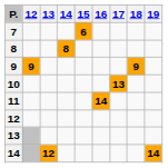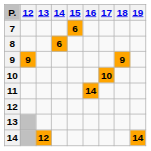 <table class="wikitable" style="text-align: center; font-size:90%">
 <tr>
 <th style="background:#c0c0c0">P.</th>
 <th><a href='#'>12</a></th>
 <th><a href='#'>13</a></th>
 <th><a href='#'>14</a></th>
 <th><a href='#'>15</a></th>
 <th><a href='#'>16</a></th>
 <th><a href='#'>17</a></th>
 <th><a href='#'>18</a></th>
 <th><a href='#'>19</a></th>
 </tr>
 <tr>
 <th>7</th>
 <td></td>
 <td></td>
 <td></td>
 <td style="background-color:orange"><span><strong>6</strong></span></td>
 <td></td>
 <td></td>
 <td></td>
 <td></td>
 </tr>
 <tr>
 <th>8</th>
 <td></td>
 <td></td>
-<td style="background-color:orange"><span><strong>8</strong></span></td>
+<td style="background-color:orange"><span><strong>6</strong></span></td>
 <td></td>
 <td></td>
 <td></td>
 <td></td>
 <td></td>
 </tr>
 <tr>
 <th>9</th>
 <td style="background-color:orange"><span><strong>9</strong></span></td>
 <td></td>
 <td></td>
 <td></td>
 <td></td>
 <td></td>
 <td style="background-color:orange"><span><strong>9</strong></span></td>
 <td></td>
 </tr>
 <tr>
 <th>10</th>
 <td></td>
 <td></td>
 <td></td>
 <td></td>
 <td></td>
-<td style="background-color:orange"><span><strong>13</strong></span></td>
+<td style="background-color:orange"><span><strong>10</strong></span></td>
 <td></td>
 <td></td>
 </tr>
 <tr>
 <th>11</th>
 <td></td>
 <td></td>
 <td></td>
 <td></td>
 <td style="background-color:orange"><span><strong>14</strong></span></td>
 <td></td>
 <td></td>
 <td></td>
 </tr>
 <tr>
 <th>12</th>
 <td></td>
 <td></td>
 <td></td>
 <td></td>
 <td></td>
 <td></td>
 <td></td>
 <td></td>
 </tr>
 <tr>
 <th>13</th>
 <td style="background:#c0c0c0"></td>
 <td></td>
 <td></td>
 <td></td>
 <td></td>
 <td></td>
 <td></td>
 <td></td>
 </tr>
 <tr>
 <th>14</th>
 <td style="background:#c0c0c0"></td>
 <td style="background-color:orange"><span><strong>12</strong></span></td>
 <td></td>
 <td></td>
 <td></td>
 <td></td>
 <td></td>
 <td style="background-color:orange"><span><strong>14</strong></span></td>
 </tr>
 </table>
